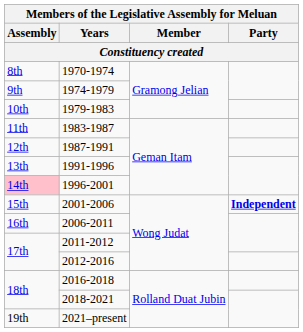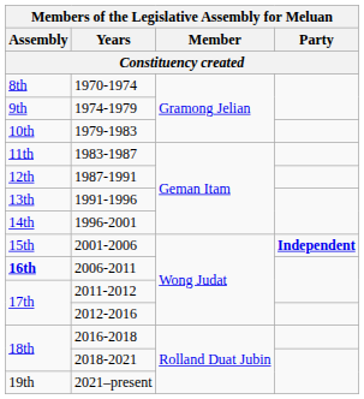 <table class=wikitable>
 <tr>
 <th colspan="4">Members of the Legislative Assembly for Meluan</th>
 </tr>
 <tr>
 <th>Assembly</th>
 <th>Years</th>
 <th>Member</th>
 <th>Party</th>
 </tr>
 <tr>
 <th colspan=4 align=center><em>Constituency created</em></th>
 </tr>
 <tr>
 <td><a href='#'>8th</a></td>
 <td>1970-1974</td>
 <td rowspan=3><a href='#'>Gramong Jelian</a></td>
 <td rowspan=2></td>
 </tr>
 <tr>
 <td><a href='#'>9th</a></td>
 <td>1974-1979</td>
 </tr>
 <tr>
 <td><a href='#'>10th</a></td>
 <td>1979-1983</td>
 <td></td>
 </tr>
 <tr>
 <td><a href='#'>11th</a></td>
 <td>1983-1987</td>
 <td rowspan=4><a href='#'>Geman Itam</a></td>
 <td></td>
 </tr>
 <tr>
 <td><a href='#'>12th</a></td>
 <td>1987-1991</td>
 <td></td>
 </tr>
 <tr>
 <td><a href='#'>13th</a></td>
 <td>1991-1996</td>
 <td rowspan=2></td>
 </tr>
 <tr>
-<td style="background: pink;"><a href='#'>14th</a></td>
+<td><a href='#'>14th</a></td>
 <td>1996-2001</td>
 </tr>
 <tr>
 <td><a href='#'>15th</a></td>
 <td>2001-2006</td>
 <td rowspan=4><a href='#'>Wong Judat</a></td>
 <td><strong><a href='#'>Independent</a></strong></td>
 </tr>
 <tr>
-<td><a href='#'>16th</a></td>
+<td><strong><a href='#'>16th</a></strong></td>
 <td>2006-2011</td>
 <td rowspan=2></td>
 </tr>
 <tr>
 <td rowspan=2><a href='#'>17th</a></td>
 <td>2011-2012</td>
 </tr>
 <tr>
 <td>2012-2016</td>
 <td></td>
 </tr>
 <tr>
 <td rowspan="2"><a href='#'>18th</a></td>
 <td>2016-2018</td>
 <td rowspan="3"><a href='#'>Rolland Duat Jubin</a></td>
 <td></td>
 </tr>
 <tr>
 <td>2018-2021</td>
 <td rowspan=2></td>
 </tr>
 <tr>
 <td>19th</td>
 <td>2021–present</td>
 </tr>
 </table>
